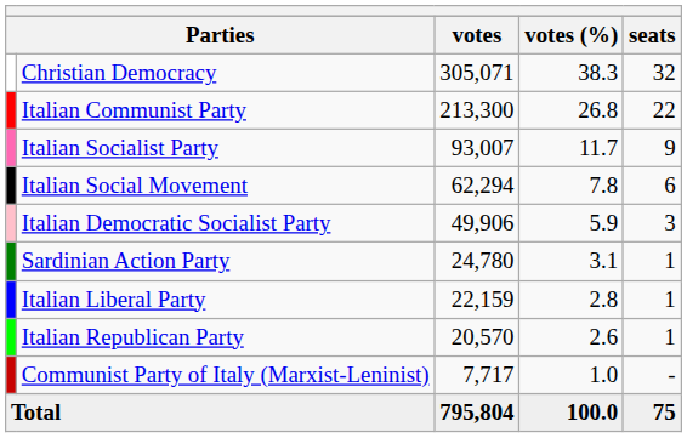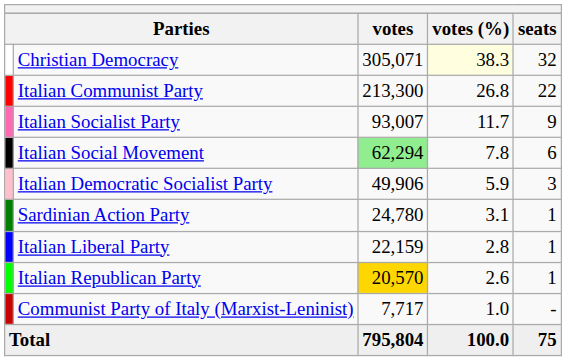 <table class="wikitable" style="font-size:95%">
 <tr>
 <th colspan=5></th>
 </tr>
 <tr>
 </tr>
 <tr style="background:#efefef;">
 <th Colspan=2>Parties</th>
 <th>votes</th>
 <th>votes (%)</th>
 <th>seats</th>
 </tr>
 <tr>
 <td bgcolor=White></td>
 <td><a href='#'>Christian Democracy</a></td>
 <td align=right>305,071</td>
-<td align=right>38.3</td>
+<td align=right style="background: lightyellow;">38.3</td>
 <td align=right>32</td>
 </tr>
 <tr>
 <td bgcolor=Red></td>
 <td><a href='#'>Italian Communist Party</a></td>
 <td align=right>213,300</td>
 <td align=right>26.8</td>
 <td align=right>22</td>
 </tr>
 <tr>
 <td bgcolor=Hotpink></td>
 <td><a href='#'>Italian Socialist Party</a></td>
 <td align=right>93,007</td>
 <td align=right>11.7</td>
 <td align=right>9</td>
 </tr>
 <tr>
 <td bgcolor=Black></td>
 <td><a href='#'>Italian Social Movement</a></td>
-<td align=right>62,294</td>
+<td align=right style="background: lightgreen;">62,294</td>
 <td align=right>7.8</td>
 <td align=right>6</td>
 </tr>
 <tr>
 <td bgcolor=Pink></td>
 <td><a href='#'>Italian Democratic Socialist Party</a></td>
 <td align=right>49,906</td>
 <td align=right>5.9</td>
 <td align=right>3</td>
 </tr>
 <tr>
 <td bgcolor=Green></td>
 <td><a href='#'>Sardinian Action Party</a></td>
 <td align=right>24,780</td>
 <td align=right>3.1</td>
 <td align=right>1</td>
 </tr>
 <tr>
 <td bgcolor=Blue></td>
 <td><a href='#'>Italian Liberal Party</a></td>
 <td align=right>22,159</td>
 <td align=right>2.8</td>
 <td align=right>1</td>
 </tr>
 <tr>
 <td bgcolor=Lime></td>
 <td><a href='#'>Italian Republican Party</a></td>
-<td align=right>20,570</td>
+<td align=right style="background: gold;">20,570</td>
 <td align=right>2.6</td>
 <td align=right>1</td>
 </tr>
 <tr>
 <td bgcolor=#C70201></td>
 <td><a href='#'>Communist Party of Italy (Marxist-Leninist)</a></td>
 <td align=right>7,717</td>
 <td align=right>1.0</td>
 <td align=right>-</td>
 </tr>
 <tr style="background:#efefef;">
 <td colspan=2><strong>Total</strong></td>
 <td align=right><strong>795,804</strong></td>
 <td align=right><strong>100.0</strong></td>
 <td align=right><strong>75</strong></td>
 </tr>
 </table>
